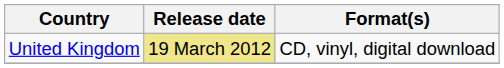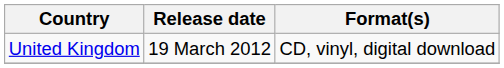 <table class="wikitable plainrowheaders">
 <tr>
 <th scope="col">Country</th>
 <th scope="col">Release date</th>
 <th scope="col">Format(s)</th>
 </tr>
 <tr>
 <td><a href='#'>United Kingdom</a></td>
-<td style="background: khaki;">19 March 2012</td>
+<td>19 March 2012</td>
 <td>CD, vinyl, digital download</td>
 </tr>
 <tr>
 </tr>
 </table>
